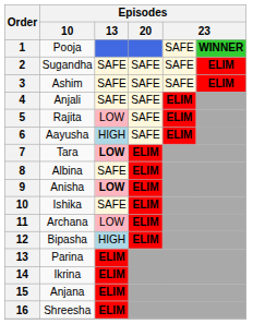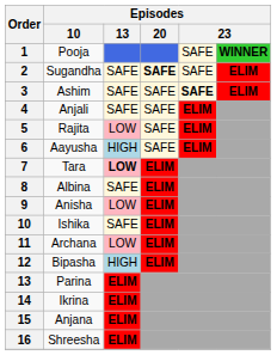 <table class="wikitable" style="text-align:center;">
 <tr>
 <th rowspan=2>Order</th>
 <th colspan=8>Episodes</th>
 </tr>
 <tr>
 <th>10</th>
 <th>13</th>
 <th>20</th>
 <th colspan=2>23</th>
 </tr>
 <tr>
 <th>1</th>
 <td>Pooja</td>
 <td style="background:royalblue;"><strong></strong></td>
 <td style="background:royalblue;"><strong></strong></td>
 <td style="background:cornsilk;">SAFE</td>
 <td style="background:limegreen;"><strong>WINNER</strong></td>
 </tr>
 <tr>
 <th>2</th>
 <td>Sugandha</td>
 <td style="background:cornsilk;">SAFE</td>
-<td style="background:cornsilk;">SAFE</td>
+<td style="background:cornsilk;"><strong>SAFE</strong></td>
 <td style="background:cornsilk;">SAFE</td>
 <td style="background:red;"><strong>ELIM</strong></td>
 </tr>
 <tr>
 <th>3</th>
 <td>Ashim</td>
 <td style="background:cornsilk;">SAFE</td>
 <td style="background:cornsilk;">SAFE</td>
-<td style="background:cornsilk;">SAFE</td>
+<td style="background:cornsilk;"><strong>SAFE</strong></td>
 <td style="background:red;"><strong>ELIM</strong></td>
 </tr>
 <tr>
 <th>4</th>
 <td>Anjali</td>
 <td style="background:cornsilk;">SAFE</td>
 <td style="background:cornsilk;">SAFE</td>
 <td style="background:red;"><strong>ELIM</strong></td>
 <td colspan="4" bgcolor="darkgray"></td>
 </tr>
 <tr>
 <th>5</th>
 <td>Rajita</td>
 <td style="background:lightpink;">LOW</td>
 <td style="background:cornsilk;">SAFE</td>
 <td style="background:red;"><strong>ELIM</strong></td>
 <td colspan="4" bgcolor="darkgray"></td>
 </tr>
 <tr>
 <th>6</th>
 <td>Aayusha</td>
 <td style="background:lightblue;">HIGH</td>
 <td style="background:cornsilk;">SAFE</td>
 <td style="background:red;"><strong>ELIM</strong></td>
 <td colspan="4" bgcolor="darkgray"></td>
 </tr>
 <tr>
 <th>7</th>
 <td>Tara</td>
 <td style="background:lightpink;"><strong>LOW</strong></td>
 <td style="background:red;"><strong>ELIM</strong></td>
 <td colspan="4" bgcolor="darkgray"></td>
 </tr>
 <tr>
 <th>8</th>
 <td>Albina</td>
 <td style="background:cornsilk;">SAFE</td>
 <td style="background:red;"><strong>ELIM</strong></td>
 <td colspan="4" bgcolor="darkgray"></td>
 </tr>
 <tr>
 <th>9</th>
 <td>Anisha</td>
-<td style="background:lightpink;"><strong>LOW</strong></td>
+<td style="background:lightpink;">LOW</td>
 <td style="background:red;"><strong>ELIM</strong></td>
 <td colspan="4" bgcolor="darkgray"></td>
 </tr>
 <tr>
 <th>10</th>
 <td>Ishika</td>
 <td style="background:cornsilk;">SAFE</td>
 <td style="background:red;"><strong>ELIM</strong></td>
 <td colspan="4" bgcolor="darkgray"></td>
 </tr>
 <tr>
 <th>11</th>
 <td>Archana</td>
 <td style="background:lightpink;">LOW</td>
 <td style="background:red;"><strong>ELIM</strong></td>
 <td colspan="4" bgcolor="darkgray"></td>
 </tr>
 <tr>
 <th>12</th>
 <td>Bipasha</td>
 <td style="background:lightblue;">HIGH</td>
 <td style="background:red;"><strong>ELIM</strong></td>
 <td colspan="4" bgcolor="darkgray"></td>
 </tr>
 <tr>
 <th>13</th>
 <td>Parina</td>
 <td style="background:red;"><strong>ELIM</strong></td>
 <td colspan="5" bgcolor="darkgray"></td>
 </tr>
 <tr>
 <th>14</th>
 <td>Ikrina</td>
 <td style="background:red;"><strong>ELIM</strong></td>
 <td colspan="5" bgcolor="darkgray"></td>
 </tr>
 <tr>
 <th>15</th>
 <td>Anjana</td>
 <td style="background:red;"><strong>ELIM</strong></td>
 <td colspan="5" bgcolor="darkgray"></td>
 </tr>
 <tr>
 <th>16</th>
 <td>Shreesha</td>
 <td style="background:red;"><strong>ELIM</strong></td>
 <td colspan="5" bgcolor="darkgray"></td>
 </tr>
 <tr>
 </tr>
 </table>
